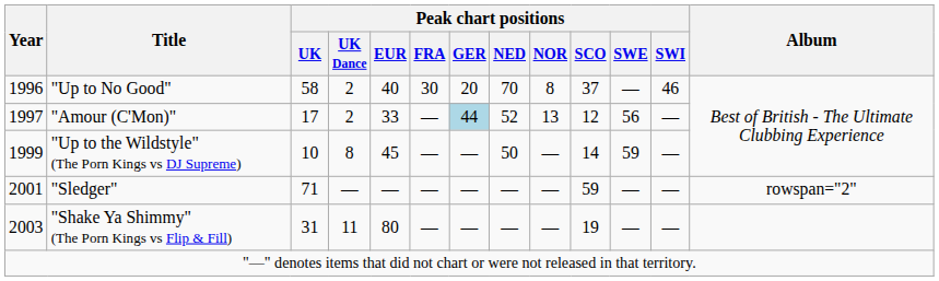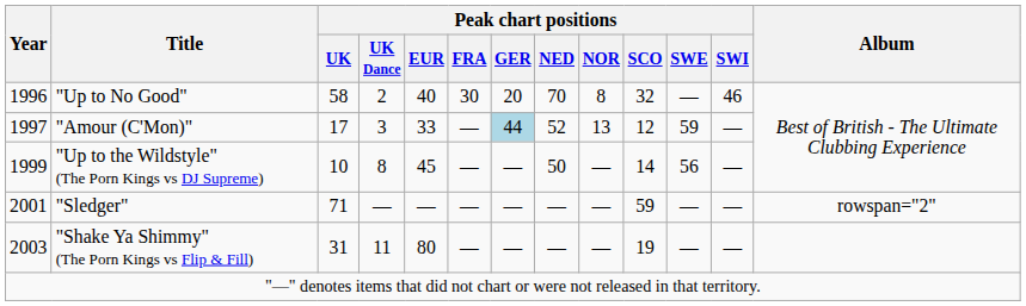 <table class="wikitable" style="text-align:center;">
 <tr>
 <th rowspan="2" style="width:2em;">Year</th>
 <th rowspan="2" style="width:14em;">Title</th>
 <th colspan="10">Peak chart positions</th>
 <th rowspan="2" style="width:14em;">Album</th>
 </tr>
 <tr>
 <th style="width:2em;font-size:90%;"><a href='#'>UK</a><br></th>
 <th style="width:2em;font-size:90%;"><a href='#'>UK<br><small>Dance</small></a><br></th>
 <th style="width:2em;font-size:90%;"><a href='#'>EUR</a><br></th>
 <th style="width:2em;font-size:90%;"><a href='#'>FRA</a><br></th>
 <th style="width:2em;font-size:90%;"><a href='#'>GER</a><br></th>
 <th style="width:2em;font-size:90%;"><a href='#'>NED</a><br></th>
 <th style="width:2em;font-size:90%;"><a href='#'>NOR</a><br></th>
 <th style="width:2em;font-size:90%;"><a href='#'>SCO</a><br></th>
 <th style="width:2em;font-size:90%;"><a href='#'>SWE</a><br></th>
 <th style="width:2em;font-size:90%;"><a href='#'>SWI</a><br></th>
 </tr>
 <tr>
 <td>1996</td>
 <td style="text-align:left;">"Up to No Good"</td>
 <td>58</td>
 <td>2</td>
 <td>40</td>
 <td>30</td>
 <td>20</td>
 <td>70</td>
 <td>8</td>
-<td>37</td>
+<td>32</td>
 <td>—</td>
 <td>46</td>
 <td rowspan="3"><em>Best of British - The Ultimate Clubbing Experience</em></td>
 </tr>
 <tr>
 <td>1997</td>
 <td style="text-align:left;">"Amour (C'Mon)"</td>
 <td>17</td>
-<td>2</td>
+<td>3</td>
 <td>33</td>
 <td>—</td>
 <td style="background: lightblue;">44</td>
 <td>52</td>
 <td>13</td>
 <td>12</td>
-<td>56</td>
+<td>59</td>
 <td>—</td>
 </tr>
 <tr>
 <td>1999</td>
 <td style="text-align:left;">"Up to the Wildstyle"<br><small>(The Porn Kings vs <a href='#'>DJ Supreme</a>)</small></td>
 <td>10</td>
 <td>8</td>
 <td>45</td>
 <td>—</td>
 <td>—</td>
 <td>50</td>
 <td>—</td>
 <td>14</td>
-<td>59</td>
+<td>56</td>
 <td>—</td>
 </tr>
 <tr>
 <td>2001</td>
 <td style="text-align:left;">"Sledger"</td>
 <td>71</td>
 <td>—</td>
 <td>—</td>
 <td>—</td>
 <td>—</td>
 <td>—</td>
 <td>—</td>
 <td>59</td>
 <td>—</td>
 <td>—</td>
 <td>rowspan="2" </td>
 </tr>
 <tr>
 <td>2003</td>
 <td style="text-align:left;">"Shake Ya Shimmy"<br><small>(The Porn Kings vs <a href='#'>Flip & Fill</a>)</small></td>
 <td>31</td>
 <td>11</td>
 <td>80</td>
 <td>—</td>
 <td>—</td>
 <td>—</td>
 <td>—</td>
 <td>19</td>
 <td>—</td>
 <td>—</td>
 </tr>
 <tr>
 <td colspan="15" style="font-size:90%">"—" denotes items that did not chart or were not released in that territory.</td>
 </tr>
 </table>
